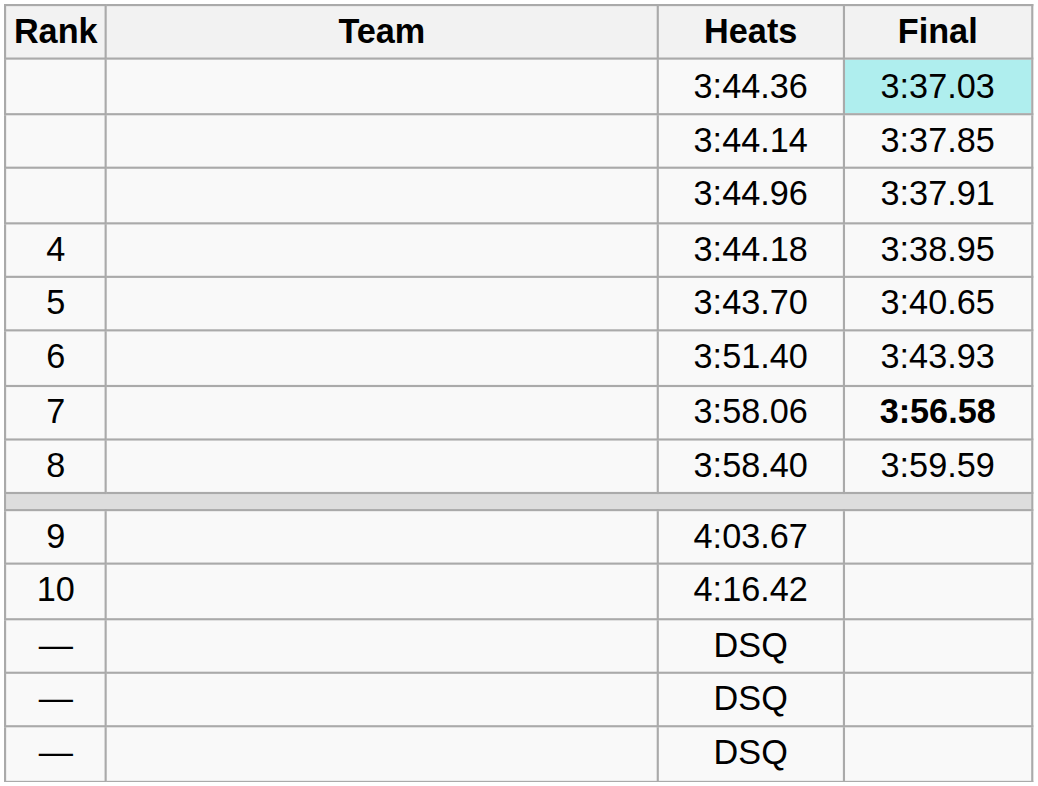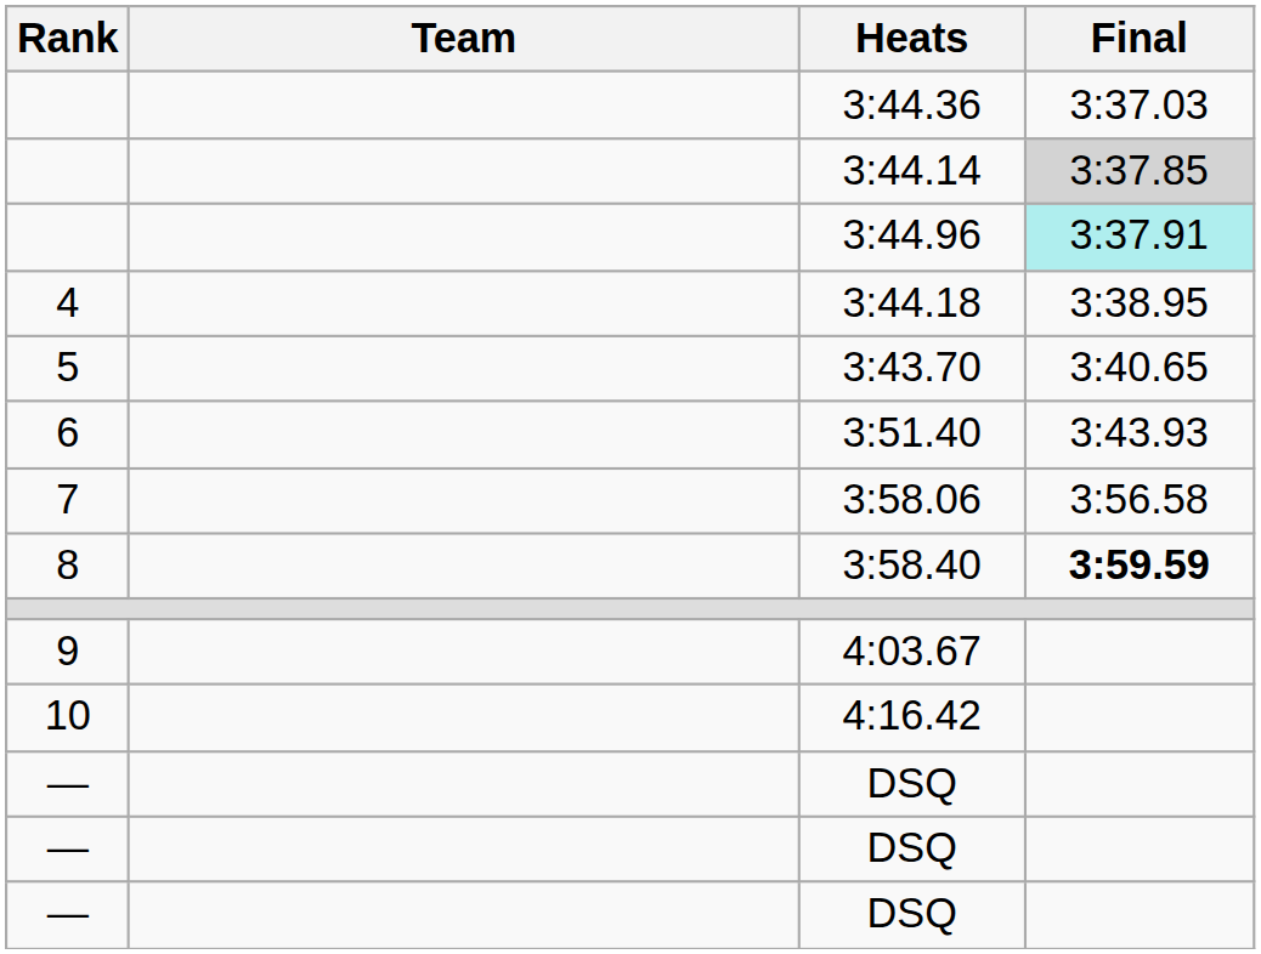 <table class=wikitable style="text-align:center">
 <tr>
 <th width=40>Rank</th>
 <th width=250>Team</th>
 <th width=80>Heats</th>
 <th width=80>Final</th>
 </tr>
 <tr>
 <td></td>
 <td align=left></td>
 <td>3:44.36</td>
-<td style="background: paleturquoise;">3:37.03</td>
+<td>3:37.03</td>
 </tr>
 <tr>
 <td></td>
 <td align=left></td>
 <td>3:44.14</td>
-<td>3:37.85</td>
+<td style="background: lightgrey;">3:37.85</td>
 </tr>
 <tr>
 <td></td>
 <td align=left></td>
 <td>3:44.96</td>
-<td>3:37.91</td>
+<td style="background: paleturquoise;">3:37.91</td>
 </tr>
 <tr>
 <td>4</td>
 <td align=left></td>
 <td>3:44.18</td>
 <td>3:38.95</td>
 </tr>
 <tr>
 <td>5</td>
 <td align=left></td>
 <td>3:43.70</td>
 <td>3:40.65</td>
 </tr>
 <tr>
 <td>6</td>
 <td align=left></td>
 <td>3:51.40</td>
 <td>3:43.93</td>
 </tr>
 <tr>
 <td>7</td>
 <td align=left></td>
 <td>3:58.06</td>
-<td><strong>3:56.58</strong></td>
+<td>3:56.58</td>
 </tr>
 <tr>
 <td>8</td>
 <td align=left></td>
 <td>3:58.40</td>
-<td>3:59.59</td>
+<td><strong>3:59.59</strong></td>
 </tr>
 <tr bgcolor=#DDDDDD>
 <td colspan=4></td>
 </tr>
 <tr>
 <td>9</td>
 <td align=left></td>
 <td>4:03.67</td>
 <td></td>
 </tr>
 <tr>
 <td>10</td>
 <td align=left></td>
 <td>4:16.42</td>
 <td></td>
 </tr>
 <tr>
 <td>—</td>
 <td align=left></td>
 <td>DSQ</td>
 <td></td>
 </tr>
 <tr>
 <td>—</td>
 <td align=left></td>
 <td>DSQ</td>
 <td></td>
 </tr>
 <tr>
 <td>—</td>
 <td align=left></td>
 <td>DSQ</td>
 <td></td>
 </tr>
 </table>
